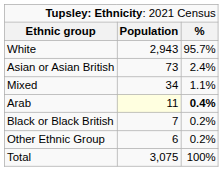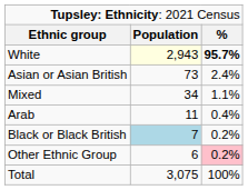 <table class="wikitable">
 <tr>
 <td colspan="14" style="text-align:right;"><strong>Tupsley: Ethnicity</strong>: 2021 Census</td>
 </tr>
 <tr>
 <th>Ethnic group</th>
 <th>Population</th>
 <th>%</th>
 </tr>
 <tr>
 <td>White</td>
-<td style="text-align:right;">2,943</td>
-<td style="text-align:right;">95.7%</td>
+<td style="background: lightyellow; text-align:right;">2,943</td>
+<td style="text-align:right;"><strong>95.7%</strong></td>
 </tr>
 <tr>
 <td>Asian or Asian British</td>
 <td style="text-align:right;">73</td>
 <td style="text-align:right;">2.4%</td>
 </tr>
 <tr>
 <td>Mixed</td>
 <td style="text-align:right;">34</td>
 <td style="text-align:right;">1.1%</td>
 </tr>
 <tr>
 <td>Arab</td>
-<td style="background: lightyellow; text-align:right;">11</td>
-<td style="text-align:right;"><strong>0.4%</strong></td>
+<td style="text-align:right;">11</td>
+<td style="text-align:right;">0.4%</td>
 </tr>
 <tr>
 <td>Black or Black British</td>
-<td style="text-align:right;">7</td>
+<td style="background: lightblue; text-align:right;">7</td>
 <td style="text-align:right;">0.2%</td>
 </tr>
 <tr>
 <td>Other Ethnic Group</td>
 <td style="text-align:right;">6</td>
-<td style="text-align:right;">0.2%</td>
+<td style="background: pink; text-align:right;">0.2%</td>
 </tr>
 <tr>
 <td>Total</td>
 <td style="text-align:right;">3,075</td>
 <td style="text-align:right;">100%</td>
 </tr>
 </table>
